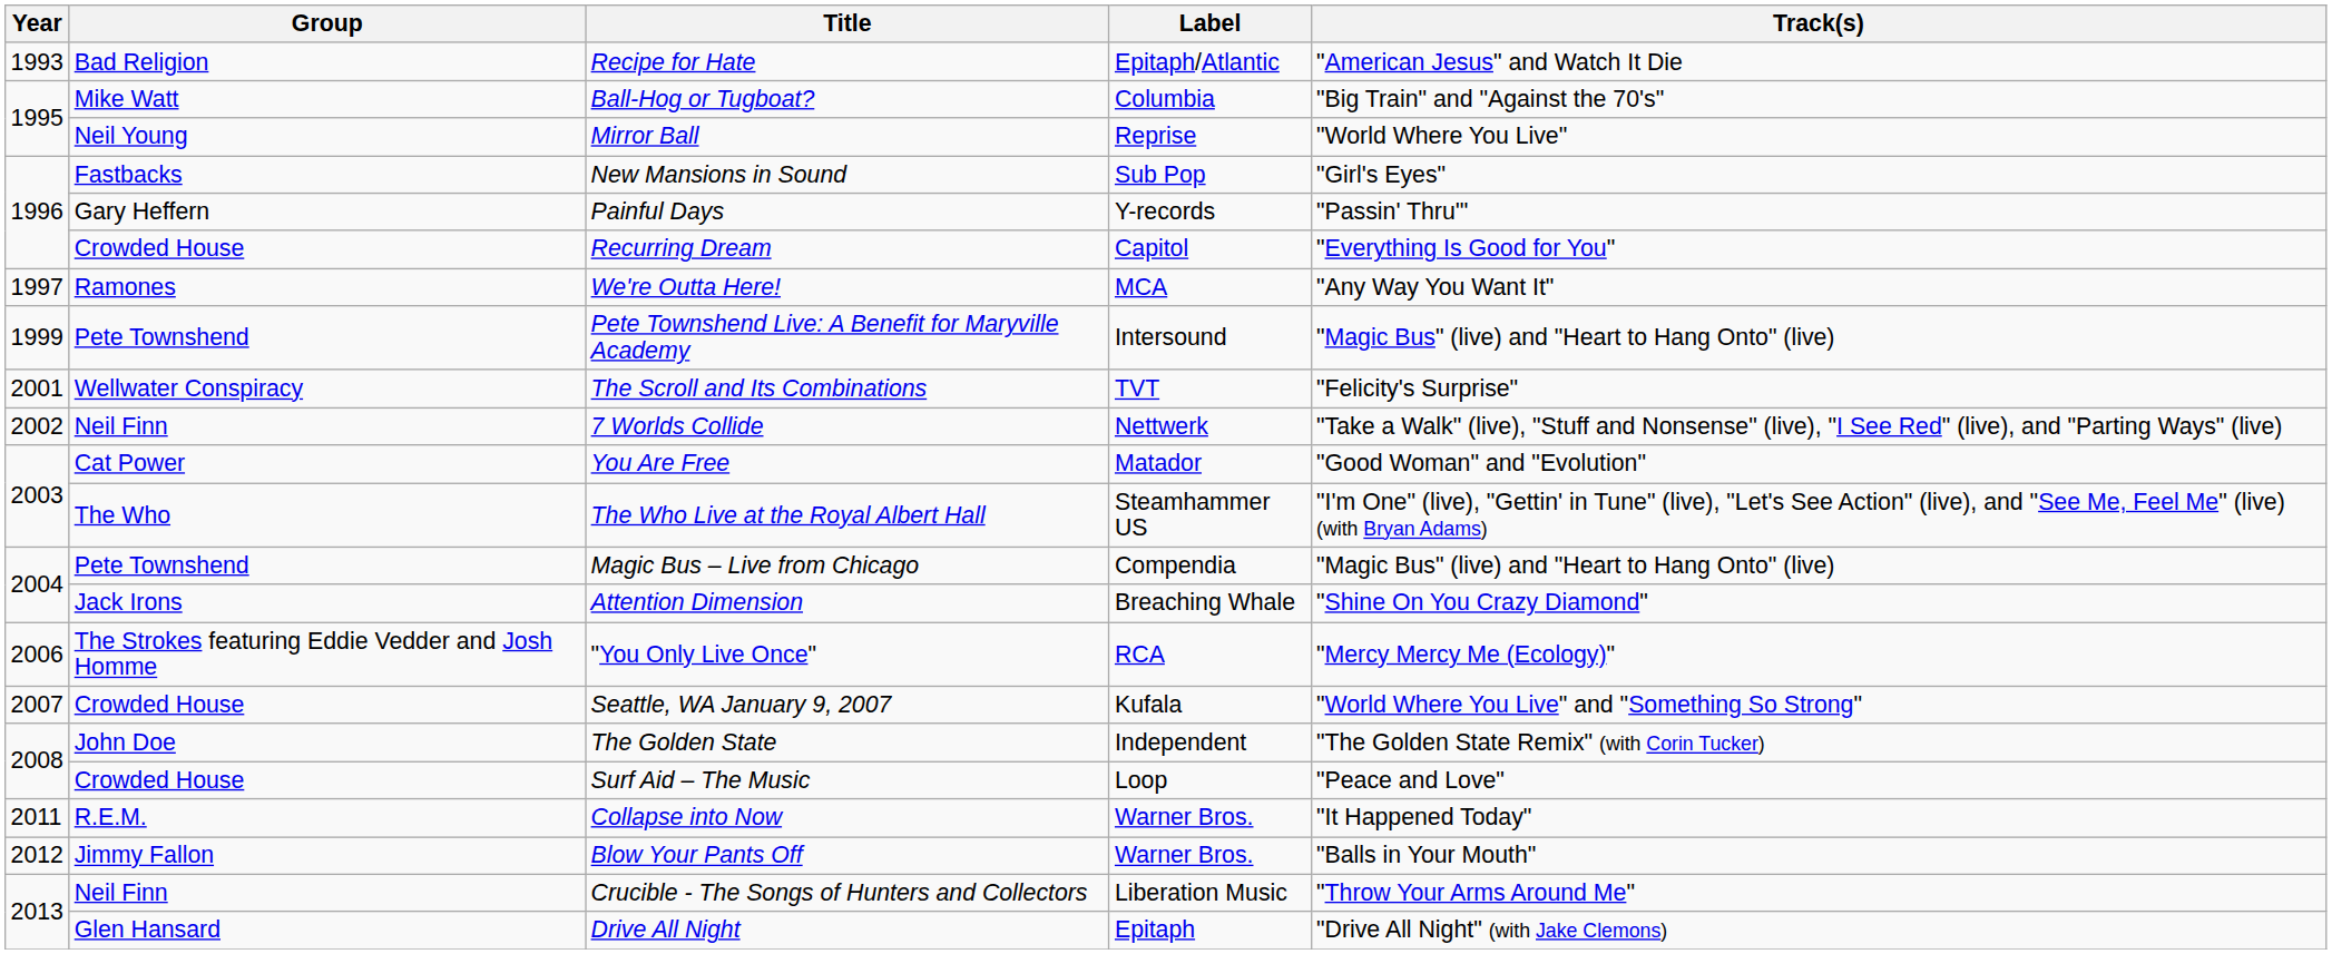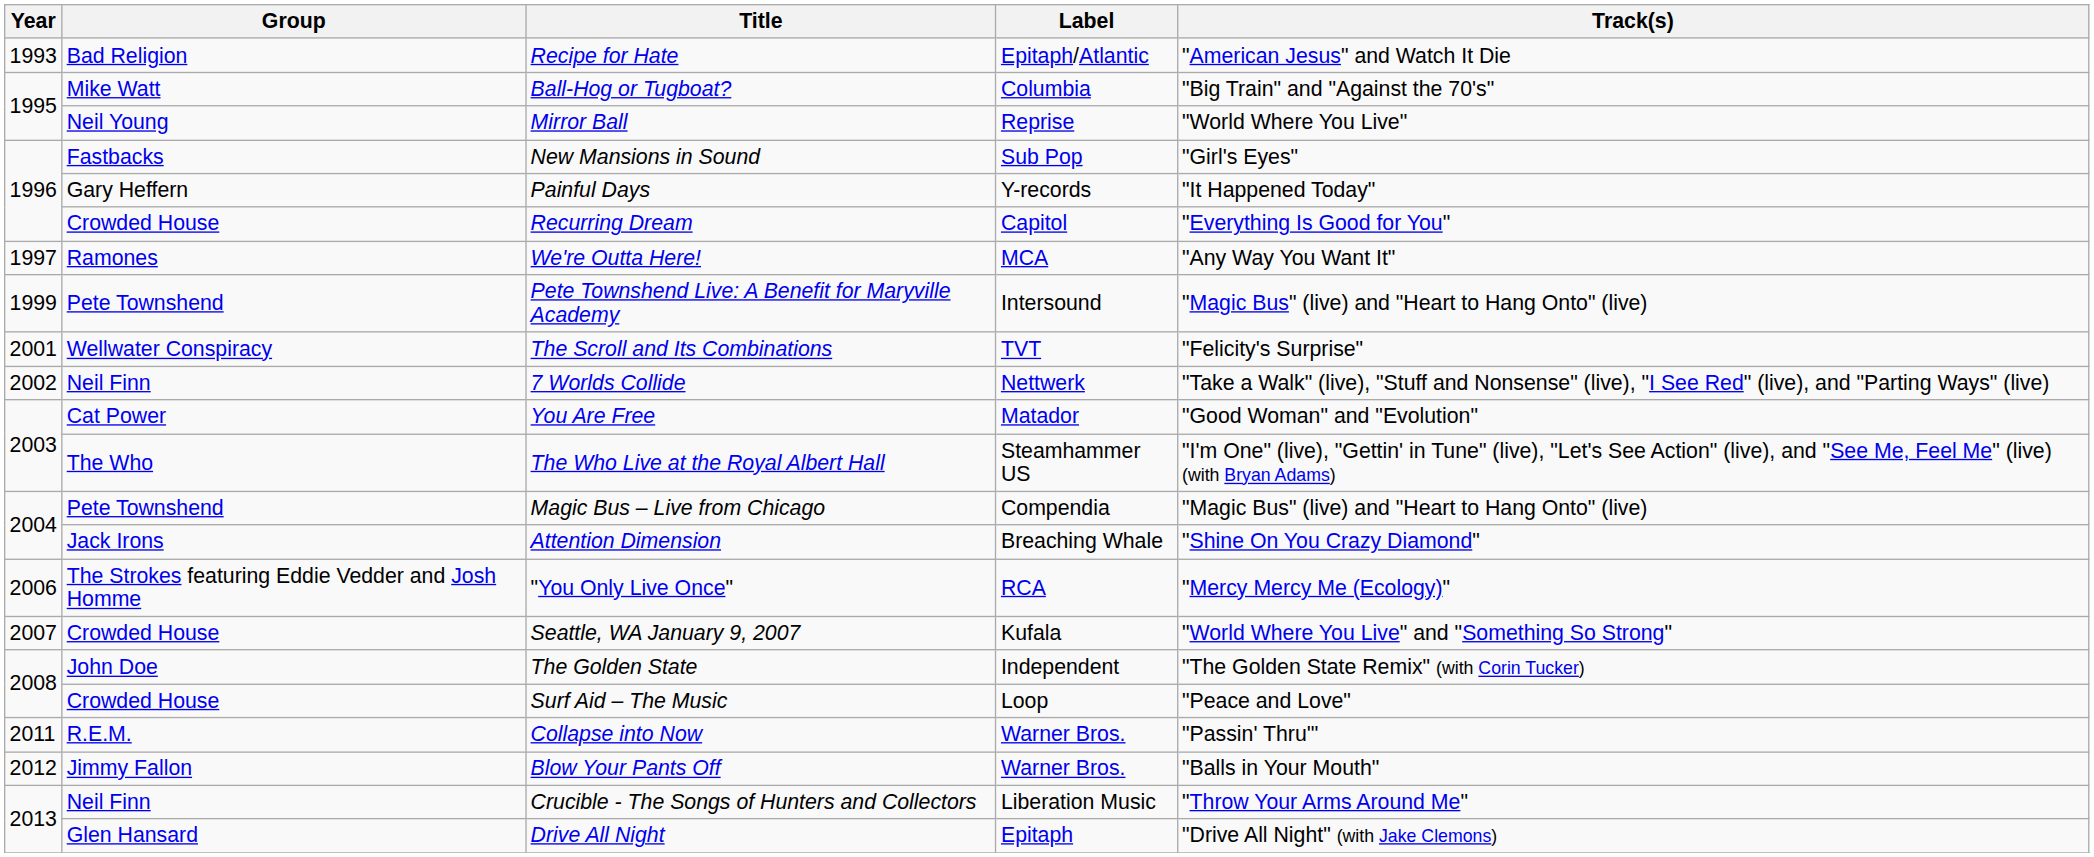 <table class="wikitable">
 <tr>
 <th><strong>Year</strong></th>
 <th><strong>Group</strong></th>
 <th><strong>Title</strong></th>
 <th><strong>Label</strong></th>
 <th><strong>Track(s)</strong></th>
 </tr>
 <tr>
 <td>1993</td>
 <td><a href='#'>Bad Religion</a></td>
 <td><em><a href='#'>Recipe for Hate</a></em></td>
 <td><a href='#'>Epitaph</a>/<a href='#'>Atlantic</a></td>
 <td>"<a href='#'>American Jesus</a>" and Watch It Die</td>
 </tr>
 <tr>
 <td rowspan="2">1995</td>
 <td><a href='#'>Mike Watt</a></td>
 <td><em><a href='#'>Ball-Hog or Tugboat?</a></em></td>
 <td><a href='#'>Columbia</a></td>
 <td>"Big Train" and "Against the 70's"</td>
 </tr>
 <tr>
 <td><a href='#'>Neil Young</a></td>
 <td><em><a href='#'>Mirror Ball</a></em></td>
 <td><a href='#'>Reprise</a></td>
 <td>"World Where You Live"</td>
 </tr>
 <tr>
 <td rowspan="3">1996</td>
 <td><a href='#'>Fastbacks</a></td>
 <td><em>New Mansions in Sound </em></td>
 <td><a href='#'>Sub Pop</a></td>
 <td>"Girl's Eyes"</td>
 </tr>
 <tr>
 <td>Gary Heffern</td>
 <td><em>Painful Days</em></td>
 <td>Y-records</td>
-<td>"Passin' Thru'"</td>
+<td>"It Happened Today"</td>
 </tr>
 <tr>
 <td><a href='#'>Crowded House</a></td>
 <td><em><a href='#'>Recurring Dream</a></em></td>
 <td><a href='#'>Capitol</a></td>
 <td>"<a href='#'>Everything Is Good for You</a>"</td>
 </tr>
 <tr>
 <td>1997</td>
 <td><a href='#'>Ramones</a></td>
 <td><em><a href='#'>We're Outta Here!</a></em></td>
 <td><a href='#'>MCA</a></td>
 <td>"Any Way You Want It"</td>
 </tr>
 <tr>
 <td>1999</td>
 <td><a href='#'>Pete Townshend</a></td>
 <td><em><a href='#'>Pete Townshend Live: A Benefit for Maryville Academy</a></em></td>
 <td>Intersound</td>
 <td>"<a href='#'>Magic Bus</a>" (live) and "Heart to Hang Onto" (live)</td>
 </tr>
 <tr>
 <td>2001</td>
 <td><a href='#'>Wellwater Conspiracy</a></td>
 <td><em><a href='#'>The Scroll and Its Combinations</a></em></td>
 <td><a href='#'>TVT</a></td>
 <td>"Felicity's Surprise"</td>
 </tr>
 <tr>
 <td>2002</td>
 <td><a href='#'>Neil Finn</a></td>
 <td><em><a href='#'>7 Worlds Collide</a></em></td>
 <td><a href='#'>Nettwerk</a></td>
 <td>"Take a Walk" (live), "Stuff and Nonsense" (live), "<a href='#'>I See Red</a>" (live), and "Parting Ways" (live)</td>
 </tr>
 <tr>
 <td rowspan="2">2003</td>
 <td><a href='#'>Cat Power</a></td>
 <td><em><a href='#'>You Are Free</a></em></td>
 <td><a href='#'>Matador</a></td>
 <td>"Good Woman" and "Evolution"</td>
 </tr>
 <tr>
 <td><a href='#'>The Who</a></td>
 <td><em><a href='#'>The Who Live at the Royal Albert Hall</a></em></td>
 <td>Steamhammer US</td>
 <td>"I'm One" (live), "Gettin' in Tune" (live), "Let's See Action" (live), and "<a href='#'>See Me, Feel Me</a>" (live) <small>(with <a href='#'>Bryan Adams</a>)</small></td>
 </tr>
 <tr>
 <td rowspan="2">2004</td>
 <td><a href='#'>Pete Townshend</a></td>
 <td><em>Magic Bus – Live from Chicago</em></td>
 <td>Compendia</td>
 <td>"Magic Bus" (live) and "Heart to Hang Onto" (live)</td>
 </tr>
 <tr>
 <td><a href='#'>Jack Irons</a></td>
 <td><em><a href='#'>Attention Dimension</a></em></td>
 <td>Breaching Whale</td>
 <td>"<a href='#'>Shine On You Crazy Diamond</a>"</td>
 </tr>
 <tr>
 <td>2006</td>
 <td><a href='#'>The Strokes</a> featuring Eddie Vedder and <a href='#'>Josh Homme</a></td>
 <td>"<a href='#'>You Only Live Once</a>"</td>
 <td><a href='#'>RCA</a></td>
 <td>"<a href='#'>Mercy Mercy Me (Ecology)</a>"</td>
 </tr>
 <tr>
 <td>2007</td>
 <td><a href='#'>Crowded House</a></td>
 <td><em>Seattle, WA January 9, 2007</em></td>
 <td>Kufala</td>
 <td>"<a href='#'>World Where You Live</a>" and "<a href='#'>Something So Strong</a>"</td>
 </tr>
 <tr>
 <td rowspan="2">2008</td>
 <td><a href='#'>John Doe</a></td>
 <td><em>The Golden State</em></td>
 <td>Independent</td>
 <td>"The Golden State Remix" <small>(with <a href='#'>Corin Tucker</a>)</small></td>
 </tr>
 <tr>
 <td><a href='#'>Crowded House</a></td>
 <td><em>Surf Aid – The Music</em></td>
 <td>Loop</td>
 <td>"Peace and Love"</td>
 </tr>
 <tr>
 <td>2011</td>
 <td><a href='#'>R.E.M.</a></td>
 <td><em><a href='#'>Collapse into Now</a></em></td>
 <td><a href='#'>Warner Bros.</a></td>
-<td>"It Happened Today"</td>
+<td>"Passin' Thru'"</td>
 </tr>
 <tr>
 <td>2012</td>
 <td><a href='#'>Jimmy Fallon</a></td>
 <td><em><a href='#'>Blow Your Pants Off</a></em></td>
 <td><a href='#'>Warner Bros.</a></td>
 <td>"Balls in Your Mouth"</td>
 </tr>
 <tr>
 <td rowspan="2">2013</td>
 <td><a href='#'>Neil Finn</a></td>
 <td><em>Crucible - The Songs of Hunters and Collectors</em></td>
 <td>Liberation Music</td>
 <td>"<a href='#'>Throw Your Arms Around Me</a>"</td>
 </tr>
 <tr>
 <td><a href='#'>Glen Hansard</a></td>
 <td><em><a href='#'>Drive All Night</a></em></td>
 <td><a href='#'>Epitaph</a></td>
 <td>"Drive All Night" <small>(with <a href='#'>Jake Clemons</a>)</small></td>
 </tr>
 <tr>
 </tr>
 </table>
